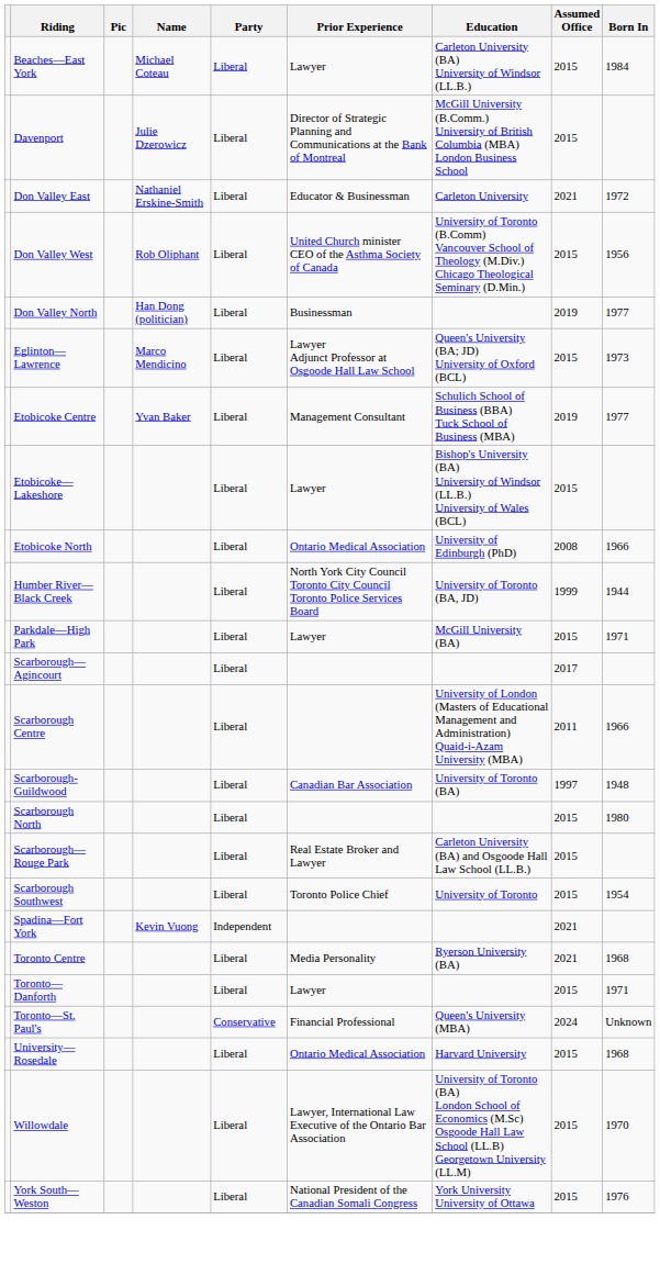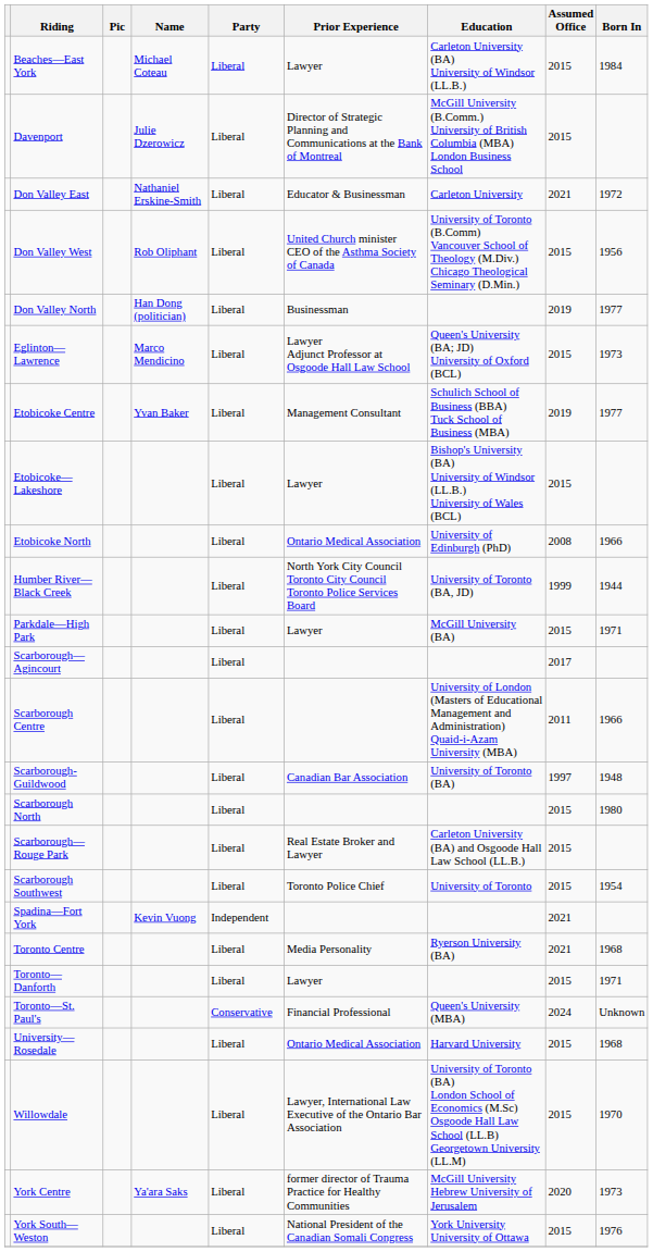 <table class="sortable wikitable" style="text-align:left; font-size:100%; width:100%;">
 <tr valign=bottom>
 <th width="3px"></th>
 <th width="180px">Riding</th>
 <th width="50px">Pic</th>
 <th width="150px">Name</th>
 <th width="120px">Party</th>
 <th width="342px">Prior Experience</th>
 <th width="252px">Education</th>
 <th width="50px">Assumed Office</th>
 <th width="50px">Born In</th>
 </tr>
 <tr>
 <td style="background-color:"></td>
 <td><a href='#'>Beaches—East York</a></td>
 <td></td>
 <td><a href='#'>Michael Coteau</a></td>
 <td><a href='#'>Liberal</a></td>
 <td>Lawyer</td>
 <td><a href='#'>Carleton University</a> (BA)<br><a href='#'>University of Windsor</a> (LL.B.)</td>
 <td>2015</td>
 <td>1984</td>
 </tr>
 <tr>
 <td style="background-color:"></td>
 <td><a href='#'>Davenport</a></td>
 <td></td>
 <td><a href='#'>Julie Dzerowicz</a></td>
 <td>Liberal</td>
 <td>Director of Strategic Planning and Communications at the <a href='#'>Bank of Montreal</a></td>
 <td><a href='#'>McGill University</a> (B.Comm.)<br><a href='#'>University of British Columbia</a> (MBA)<br><a href='#'>London Business School</a></td>
 <td>2015</td>
 <td></td>
 </tr>
 <tr>
 <td style="background-color:"></td>
 <td><a href='#'>Don Valley East</a></td>
 <td></td>
 <td><a href='#'>Nathaniel Erskine-Smith</a></td>
 <td>Liberal</td>
 <td>Educator & Businessman</td>
 <td><a href='#'>Carleton University</a></td>
 <td>2021</td>
 <td>1972</td>
 </tr>
 <tr>
 <td style="background-color:"></td>
 <td><a href='#'>Don Valley West</a></td>
 <td></td>
 <td><a href='#'>Rob Oliphant</a></td>
 <td>Liberal</td>
 <td><a href='#'>United Church</a> minister<br>CEO of the <a href='#'>Asthma Society of Canada</a></td>
 <td><a href='#'>University of Toronto</a> (B.Comm) <br> <a href='#'>Vancouver School of Theology</a> (M.Div.) <br> <a href='#'>Chicago Theological Seminary</a> (D.Min.)</td>
 <td>2015</td>
 <td>1956</td>
 </tr>
 <tr>
 <td style="background-color:"></td>
 <td><a href='#'>Don Valley North</a></td>
 <td></td>
 <td><a href='#'>Han Dong (politician)</a></td>
 <td>Liberal</td>
 <td>Businessman</td>
 <td></td>
 <td>2019</td>
 <td>1977</td>
 </tr>
 <tr>
 <td style="background-color:"></td>
 <td><a href='#'>Eglinton—Lawrence</a></td>
 <td></td>
 <td><a href='#'>Marco Mendicino</a></td>
 <td>Liberal</td>
 <td>Lawyer<br>Adjunct Professor at <a href='#'>Osgoode Hall Law School</a></td>
 <td><a href='#'>Queen's University</a> (BA; JD)<br><a href='#'>University of Oxford</a> (BCL)</td>
 <td>2015</td>
 <td>1973</td>
 </tr>
 <tr>
 <td style="background-color:"></td>
 <td><a href='#'>Etobicoke Centre</a></td>
 <td></td>
 <td><a href='#'>Yvan Baker</a></td>
 <td>Liberal</td>
 <td>Management Consultant</td>
 <td><a href='#'>Schulich School of Business</a> (BBA)<br><a href='#'>Tuck School of Business</a> (MBA)</td>
 <td>2019</td>
 <td>1977</td>
 </tr>
 <tr>
 <td style="background-color:"></td>
 <td><a href='#'>Etobicoke—Lakeshore</a></td>
 <td></td>
 <td></td>
 <td>Liberal</td>
 <td>Lawyer</td>
 <td><a href='#'>Bishop's University</a> (BA)<br><a href='#'>University of Windsor</a> (LL.B.)<br><a href='#'>University of Wales</a> (BCL)</td>
 <td>2015</td>
 <td></td>
 </tr>
 <tr>
 <td style="background-color:"></td>
 <td><a href='#'>Etobicoke North</a></td>
 <td></td>
 <td></td>
 <td>Liberal</td>
 <td><a href='#'>Ontario Medical Association</a></td>
 <td><a href='#'>University of Edinburgh</a> (PhD)</td>
 <td>2008</td>
 <td>1966</td>
 </tr>
 <tr>
 <td style="background-color:"></td>
 <td><a href='#'>Humber River—Black Creek</a></td>
 <td></td>
 <td></td>
 <td>Liberal</td>
 <td>North York City Council <br> <a href='#'>Toronto City Council</a> <br> <a href='#'>Toronto Police Services Board</a></td>
 <td><a href='#'>University of Toronto</a> (BA, JD)</td>
 <td>1999</td>
 <td>1944</td>
 </tr>
 <tr>
 <td style="background-color:"></td>
 <td><a href='#'>Parkdale—High Park</a></td>
 <td></td>
 <td></td>
 <td>Liberal</td>
 <td>Lawyer</td>
 <td><a href='#'>McGill University</a> (BA)</td>
 <td>2015</td>
 <td>1971</td>
 </tr>
 <tr>
 <td style="background-color:"></td>
 <td><a href='#'>Scarborough—Agincourt</a></td>
 <td></td>
 <td></td>
 <td>Liberal</td>
 <td></td>
 <td></td>
 <td>2017</td>
 <td></td>
 </tr>
 <tr>
 <td style="background-color:"></td>
 <td><a href='#'>Scarborough Centre</a></td>
 <td></td>
 <td></td>
 <td>Liberal</td>
 <td></td>
 <td><a href='#'>University of London</a> (Masters of Educational Management and Administration)<br><a href='#'>Quaid-i-Azam University</a> (MBA)</td>
 <td>2011</td>
 <td>1966</td>
 </tr>
 <tr>
 <td style="background-color:"></td>
 <td><a href='#'>Scarborough-Guildwood</a></td>
 <td></td>
 <td></td>
 <td>Liberal</td>
 <td><a href='#'>Canadian Bar Association</a></td>
 <td><a href='#'>University of Toronto</a> (BA)</td>
 <td>1997</td>
 <td>1948</td>
 </tr>
 <tr>
 <td style="background-color:"></td>
 <td><a href='#'>Scarborough North</a></td>
 <td></td>
 <td></td>
 <td>Liberal</td>
 <td></td>
 <td></td>
 <td>2015</td>
 <td>1980</td>
 </tr>
 <tr>
 <td style="background-color:"></td>
 <td><a href='#'>Scarborough—Rouge Park</a></td>
 <td></td>
 <td></td>
 <td>Liberal</td>
 <td>Real Estate Broker and Lawyer</td>
 <td><a href='#'>Carleton University</a> (BA) and Osgoode Hall Law School (LL.B.)</td>
 <td>2015</td>
 <td></td>
 </tr>
 <tr>
 <td style="background-color:"></td>
 <td><a href='#'>Scarborough Southwest</a></td>
 <td></td>
 <td></td>
 <td>Liberal</td>
 <td>Toronto Police Chief</td>
 <td><a href='#'>University of Toronto</a></td>
 <td>2015</td>
 <td>1954</td>
 </tr>
 <tr>
 <td style="background-color:"></td>
 <td><a href='#'>Spadina—Fort York</a></td>
 <td></td>
 <td><a href='#'>Kevin Vuong</a></td>
 <td>Independent</td>
 <td></td>
 <td></td>
 <td>2021</td>
 <td></td>
 </tr>
 <tr>
 <td style="background-color:"></td>
 <td><a href='#'>Toronto Centre</a></td>
 <td></td>
 <td></td>
 <td>Liberal</td>
 <td>Media Personality</td>
 <td><a href='#'>Ryerson University</a> (BA)</td>
 <td>2021</td>
 <td>1968</td>
 </tr>
 <tr>
 <td style="background-color:"></td>
 <td><a href='#'>Toronto—Danforth</a></td>
 <td></td>
 <td></td>
 <td>Liberal</td>
 <td>Lawyer</td>
 <td></td>
 <td>2015</td>
 <td>1971</td>
 </tr>
 <tr>
 <td style="background-color:"></td>
 <td><a href='#'>Toronto—St. Paul's</a></td>
 <td></td>
 <td></td>
 <td><a href='#'>Conservative</a></td>
 <td>Financial Professional</td>
 <td><a href='#'>Queen's University</a> (MBA)</td>
 <td>2024</td>
 <td>Unknown</td>
 </tr>
 <tr>
 <td style="background-color:"></td>
 <td><a href='#'>University—Rosedale</a></td>
 <td></td>
 <td></td>
 <td>Liberal</td>
 <td><a href='#'>Ontario Medical Association</a></td>
 <td><a href='#'>Harvard University</a></td>
 <td>2015</td>
 <td>1968</td>
 </tr>
 <tr>
 <td style="background-color:"></td>
 <td><a href='#'>Willowdale</a></td>
 <td></td>
 <td></td>
 <td>Liberal</td>
 <td>Lawyer, International Law <br> Executive of the Ontario Bar Association</td>
 <td><a href='#'>University of Toronto</a> (BA) <br> <a href='#'>London School of Economics</a> (M.Sc) <br> <a href='#'>Osgoode Hall Law School</a> (LL.B) <br> <a href='#'>Georgetown University</a> (LL.M)</td>
 <td>2015</td>
 <td>1970</td>
 </tr>
 <tr>
 <td style="background-color:"></td>
+<td><a href='#'>York Centre</a></td>
+<td></td>
+<td><a href='#'>Ya'ara Saks</a></td>
+<td>Liberal</td>
+<td>former director of Trauma Practice for Healthy Communities</td>
+<td><a href='#'>McGill University</a><br><a href='#'>Hebrew University of Jerusalem</a></td>
+<td>2020</td>
+<td>1973</td>
+</tr>
+<tr>
+<td style="background-color:"></td>
 <td><a href='#'>York South—Weston</a></td>
 <td></td>
 <td></td>
 <td>Liberal</td>
 <td>National President of the <a href='#'>Canadian Somali Congress</a></td>
 <td><a href='#'>York University</a><br><a href='#'>University of Ottawa</a></td>
 <td>2015</td>
 <td>1976</td>
 </tr>
 <tr>
 </tr>
 </table>
